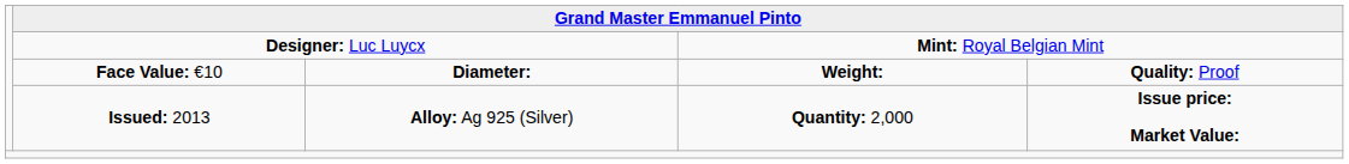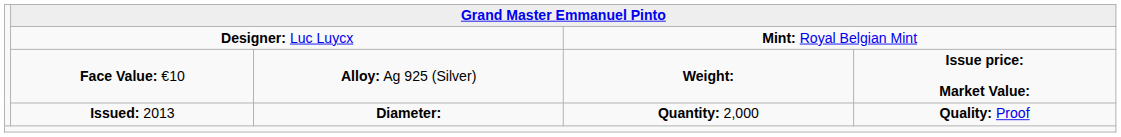 <table class="wikitable" width=100%>
 <tr>
 <td rowspan=4 width="330px" nowrap align=center></td>
 <th colspan="4" align=center style="background:#eeeeee;"><a href='#'>Grand Master Emmanuel Pinto</a></th>
 </tr>
 <tr>
 <td colspan="2" width="50%" align=center><strong>Designer:</strong> <a href='#'>Luc Luycx</a></td>
 <td colspan="2" width="50%" align=center><strong>Mint:</strong> <a href='#'>Royal Belgian Mint</a></td>
 </tr>
 <tr>
 <td align=center><strong>Face Value:</strong> €10</td>
-<td align=center><strong>Diameter:</strong> </td>
+<td align=center><strong>Alloy:</strong> Ag 925 (Silver)</td>
 <td align=center><strong>Weight:</strong> </td>
-<td align=center><strong>Quality:</strong> <a href='#'>Proof</a></td>
+<td align=center><strong>Issue price:</strong><br><br> <strong>Market Value:</strong></td>
 </tr>
 <tr>
 <td align=center><strong>Issued:</strong> 2013</td>
-<td align=center><strong>Alloy:</strong> Ag 925 (Silver)</td>
+<td align=center><strong>Diameter:</strong> </td>
 <td align=center><strong>Quantity:</strong> 2,000</td>
-<td align=center><strong>Issue price:</strong><br><br> <strong>Market Value:</strong></td>
+<td align=center><strong>Quality:</strong> <a href='#'>Proof</a></td>
 </tr>
 <tr>
 <td colspan="5" align=left></td>
 </tr>
 </table>
